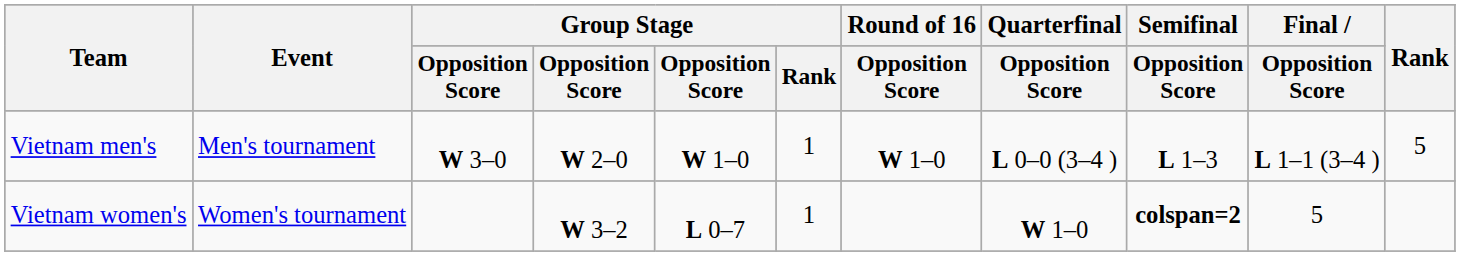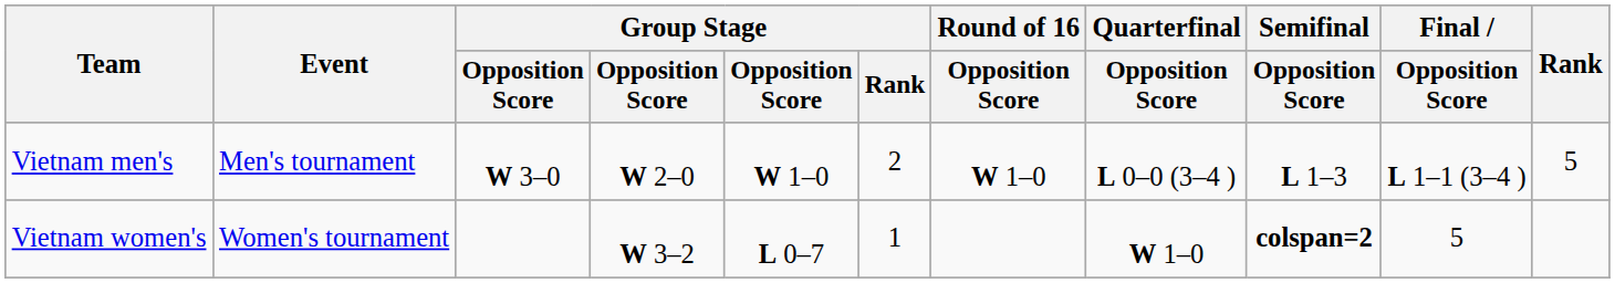 <table class=wikitable style=font-size:90%;text-align:center>
 <tr>
 <th rowspan=2>Team</th>
 <th rowspan=2>Event</th>
 <th colspan=4>Group Stage</th>
 <th>Round of 16</th>
 <th>Quarterfinal</th>
 <th>Semifinal</th>
 <th>Final / </th>
 <th rowspan=2>Rank</th>
 </tr>
 <tr style=font-size:95%>
 <th>Opposition<br>Score</th>
 <th>Opposition<br>Score</th>
 <th>Opposition<br>Score</th>
 <th>Rank</th>
 <th>Opposition<br>Score</th>
 <th>Opposition<br>Score</th>
 <th>Opposition<br>Score</th>
 <th>Opposition<br>Score</th>
 </tr>
 <tr>
 <td align=left><a href='#'>Vietnam men's</a></td>
 <td align=left><a href='#'>Men's tournament</a></td>
 <td><br><strong>W</strong> 3–0</td>
 <td><br><strong>W</strong> 2–0</td>
 <td><br><strong>W</strong> 1–0</td>
-<td>1</td>
+<td>2</td>
 <td><br><strong>W</strong> 1–0</td>
 <td><br><strong>L</strong> 0–0 (3–4 <a href='#'></a>)</td>
 <td><br><strong>L</strong> 1–3</td>
 <td><br><strong>L</strong> 1–1 (3–4 <a href='#'></a>)</td>
 <td>5</td>
 </tr>
 <tr>
 <td align=left><a href='#'>Vietnam women's</a></td>
 <td align=left><a href='#'>Women's tournament</a></td>
 <td></td>
 <td><br><strong>W</strong> 3–2</td>
 <td><br><strong>L</strong> 0–7</td>
 <td>1</td>
 <td></td>
 <td><br><strong>W</strong> 1–0</td>
 <td><strong>colspan=2</strong></td>
 <td>5</td>
 </tr>
 </table>
